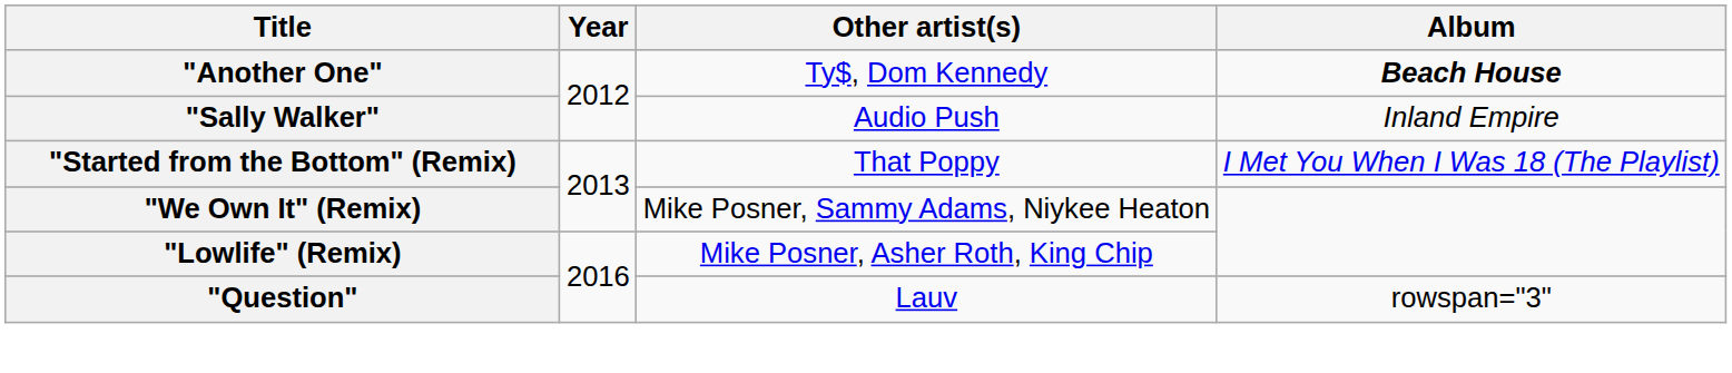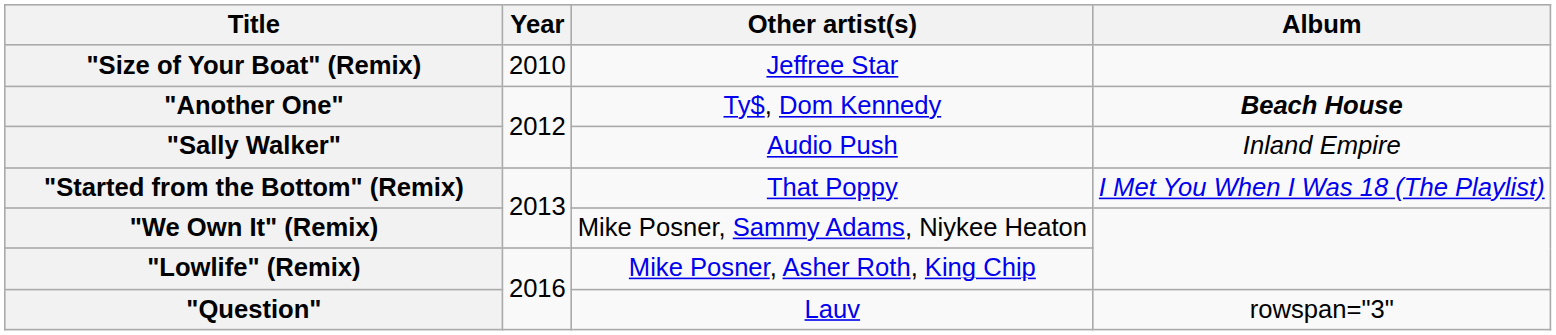 <table class="wikitable plainrowheaders" style="text-align:center;">
 <tr>
 <th scope="col" style="width:19em;">Title</th>
 <th scope="col">Year</th>
 <th scope="col">Other artist(s)</th>
 <th scope="col">Album</th>
+</tr>
+<tr>
+<th scope="row">"Size of Your Boat" (Remix)</th>
+<td>2010</td>
+<td><a href='#'>Jeffree Star</a></td>
+<td></td>
 </tr>
 <tr>
 <th scope="row">"Another One"</th>
 <td rowspan="2">2012</td>
 <td><a href='#'>Ty$</a>, <a href='#'>Dom Kennedy</a></td>
 <td><strong><em>Beach House</em></strong></td>
 </tr>
 <tr>
 <th scope="row">"Sally Walker"</th>
 <td><a href='#'>Audio Push</a></td>
 <td><em>Inland Empire</em></td>
 </tr>
 <tr>
 <th scope="row">"Started from the Bottom" (Remix)</th>
 <td rowspan="2">2013</td>
 <td><a href='#'>That Poppy</a></td>
 <td><em><a href='#'>I Met You When I Was 18 (The Playlist)</a></em></td>
 </tr>
 <tr>
 <th scope="row">"We Own It" (Remix)</th>
 <td>Mike Posner, <a href='#'>Sammy Adams</a>, Niykee Heaton</td>
 </tr>
 <tr>
 <th scope="row">"Lowlife" (Remix)</th>
 <td rowspan="2">2016</td>
 <td><a href='#'>Mike Posner</a>, <a href='#'>Asher Roth</a>, <a href='#'>King Chip</a></td>
 </tr>
 <tr>
 <th scope="row">"Question"</th>
 <td><a href='#'>Lauv</a></td>
 <td>rowspan="3" </td>
 </tr>
 </table>
